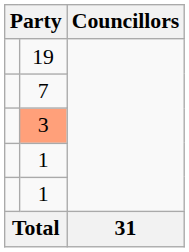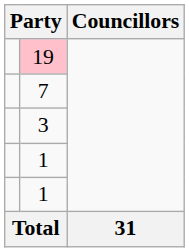 <table class="wikitable">
 <tr>
 <th colspan=2>Party</th>
 <th>Councillors</th>
 </tr>
 <tr>
 <td></td>
-<td align=center>19</td>
+<td align=center style="background: pink;">19</td>
 </tr>
 <tr>
 <td></td>
 <td align=center>7</td>
 </tr>
 <tr>
 <td></td>
-<td align=center style="background: lightsalmon;">3</td>
+<td align=center>3</td>
 </tr>
 <tr>
 <td></td>
 <td align=center>1</td>
 </tr>
 <tr>
 <td></td>
 <td align=center>1</td>
 </tr>
 <tr>
 <th colspan=2>Total</th>
 <th align=center>31</th>
 </tr>
 </table>
